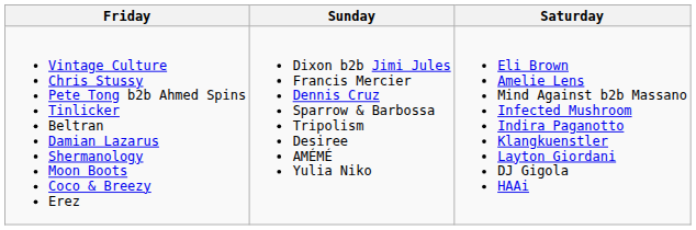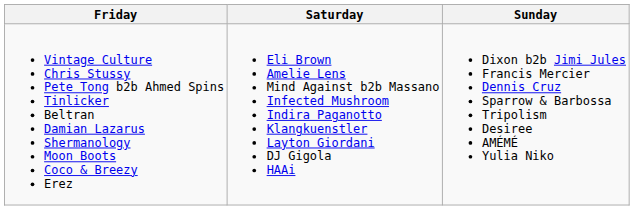 <table class="wikitable">
 <tr>
 <th>Friday</th>
+<th>Saturday</th>
 <th>Sunday</th>
-<th>Saturday</th>
 </tr>
 <tr valign="top">
 <td><br><ul><li><a href='#'>Vintage Culture</a></li><li><a href='#'>Chris Stussy</a></li><li><a href='#'>Pete Tong</a> b2b Ahmed Spins</li><li><a href='#'>Tinlicker</a></li><li>Beltran</li><li><a href='#'>Damian Lazarus</a></li><li><a href='#'>Shermanology</a></li><li><a href='#'>Moon Boots</a></li><li><a href='#'>Coco & Breezy</a></li><li>Erez</li></ul></td>
+<td><br><ul><li><a href='#'>Eli Brown</a></li><li><a href='#'>Amelie Lens</a></li><li>Mind Against b2b Massano</li><li><a href='#'>Infected Mushroom</a></li><li><a href='#'>Indira Paganotto</a></li><li><a href='#'>Klangkuenstler</a></li><li><a href='#'>Layton Giordani</a></li><li>DJ Gigola</li><li><a href='#'>HAAi</a></li></ul></td>
 <td><br><ul><li>Dixon b2b <a href='#'>Jimi Jules</a></li><li>Francis Mercier</li><li><a href='#'>Dennis Cruz</a></li><li>Sparrow & Barbossa</li><li>Tripolism</li><li>Desiree</li><li>AMÉMÉ</li><li>Yulia Niko</li></ul></td>
-<td><br><ul><li><a href='#'>Eli Brown</a></li><li><a href='#'>Amelie Lens</a></li><li>Mind Against b2b Massano</li><li><a href='#'>Infected Mushroom</a></li><li><a href='#'>Indira Paganotto</a></li><li><a href='#'>Klangkuenstler</a></li><li><a href='#'>Layton Giordani</a></li><li>DJ Gigola</li><li><a href='#'>HAAi</a></li></ul></td>
 </tr>
 </table>
